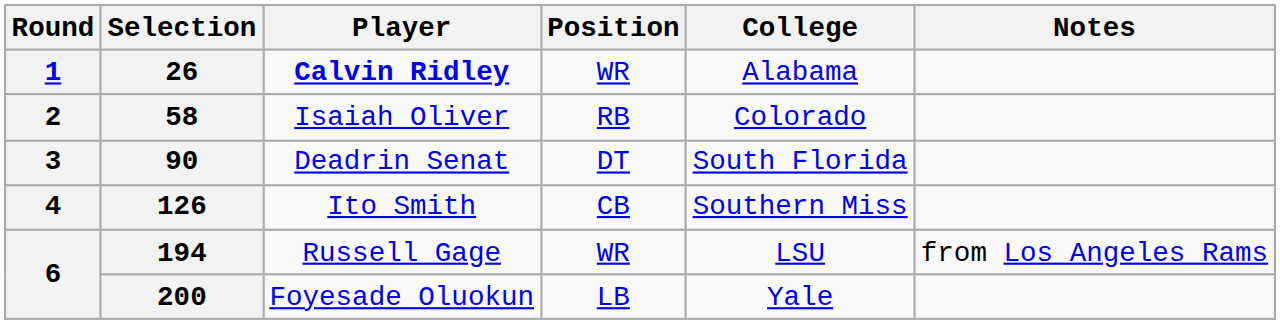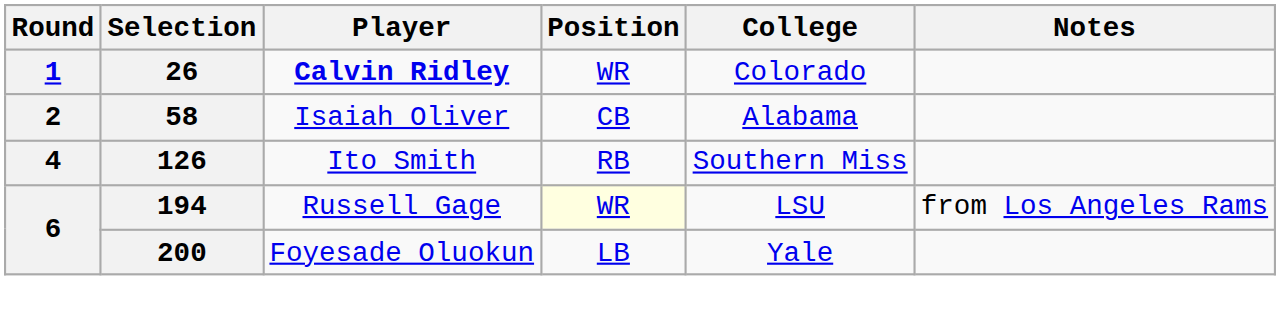 <table class="wikitable" style="text-align:center">
 <tr>
 <th>Round</th>
 <th>Selection</th>
 <th>Player</th>
 <th>Position</th>
 <th>College</th>
 <th>Notes</th>
 </tr>
 <tr>
 <th><a href='#'>1</a></th>
 <th>26</th>
 <td><strong><a href='#'>Calvin Ridley</a></strong></td>
 <td><a href='#'>WR</a></td>
-<td><a href='#'>Alabama</a></td>
+<td><a href='#'>Colorado</a></td>
 <td></td>
 </tr>
 <tr>
 <th>2</th>
 <th>58</th>
 <td><a href='#'>Isaiah Oliver</a></td>
-<td><a href='#'>RB</a></td>
-<td><a href='#'>Colorado</a></td>
-<td></td>
-</tr>
-<tr>
-<th>3</th>
-<th>90</th>
-<td><a href='#'>Deadrin Senat</a></td>
-<td><a href='#'>DT</a></td>
-<td><a href='#'>South Florida</a></td>
+<td><a href='#'>CB</a></td>
+<td><a href='#'>Alabama</a></td>
 <td></td>
 </tr>
 <tr>
 <th>4</th>
 <th>126</th>
 <td><a href='#'>Ito Smith</a></td>
-<td><a href='#'>CB</a></td>
+<td><a href='#'>RB</a></td>
 <td><a href='#'>Southern Miss</a></td>
 <td></td>
 </tr>
 <tr>
 <th rowspan="2">6</th>
 <th>194</th>
 <td><a href='#'>Russell Gage</a></td>
-<td><a href='#'>WR</a></td>
+<td style="background: lightyellow;"><a href='#'>WR</a></td>
 <td><a href='#'>LSU</a></td>
 <td>from <a href='#'>Los Angeles Rams</a></td>
 </tr>
 <tr>
 <th>200</th>
 <td><a href='#'>Foyesade Oluokun</a></td>
 <td><a href='#'>LB</a></td>
 <td><a href='#'>Yale</a></td>
 <td></td>
 </tr>
 </table>
